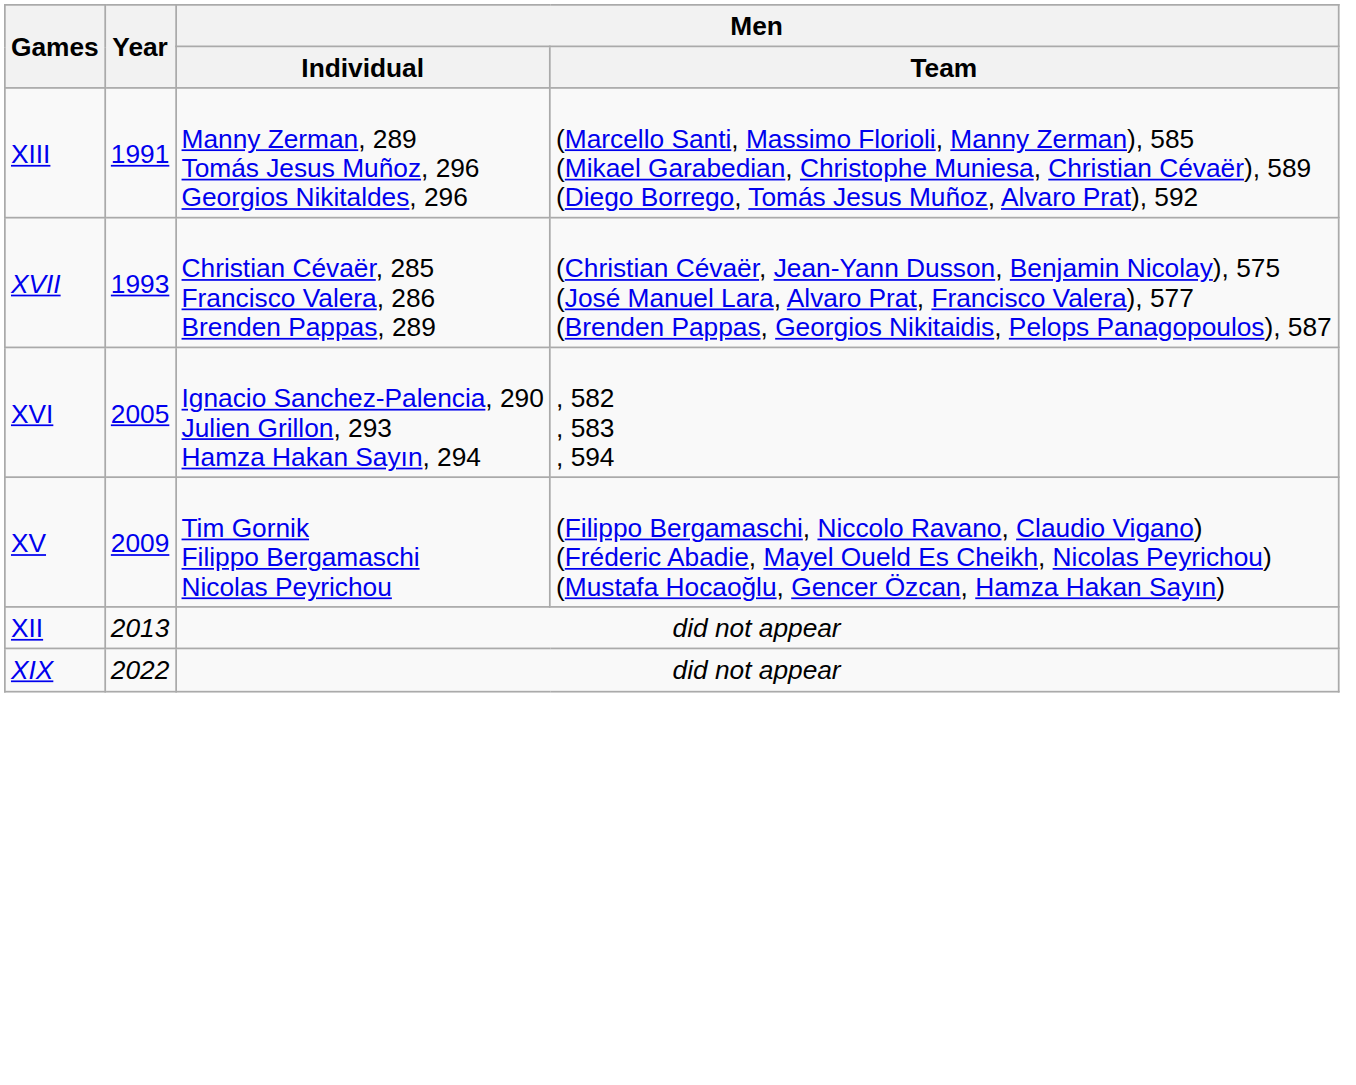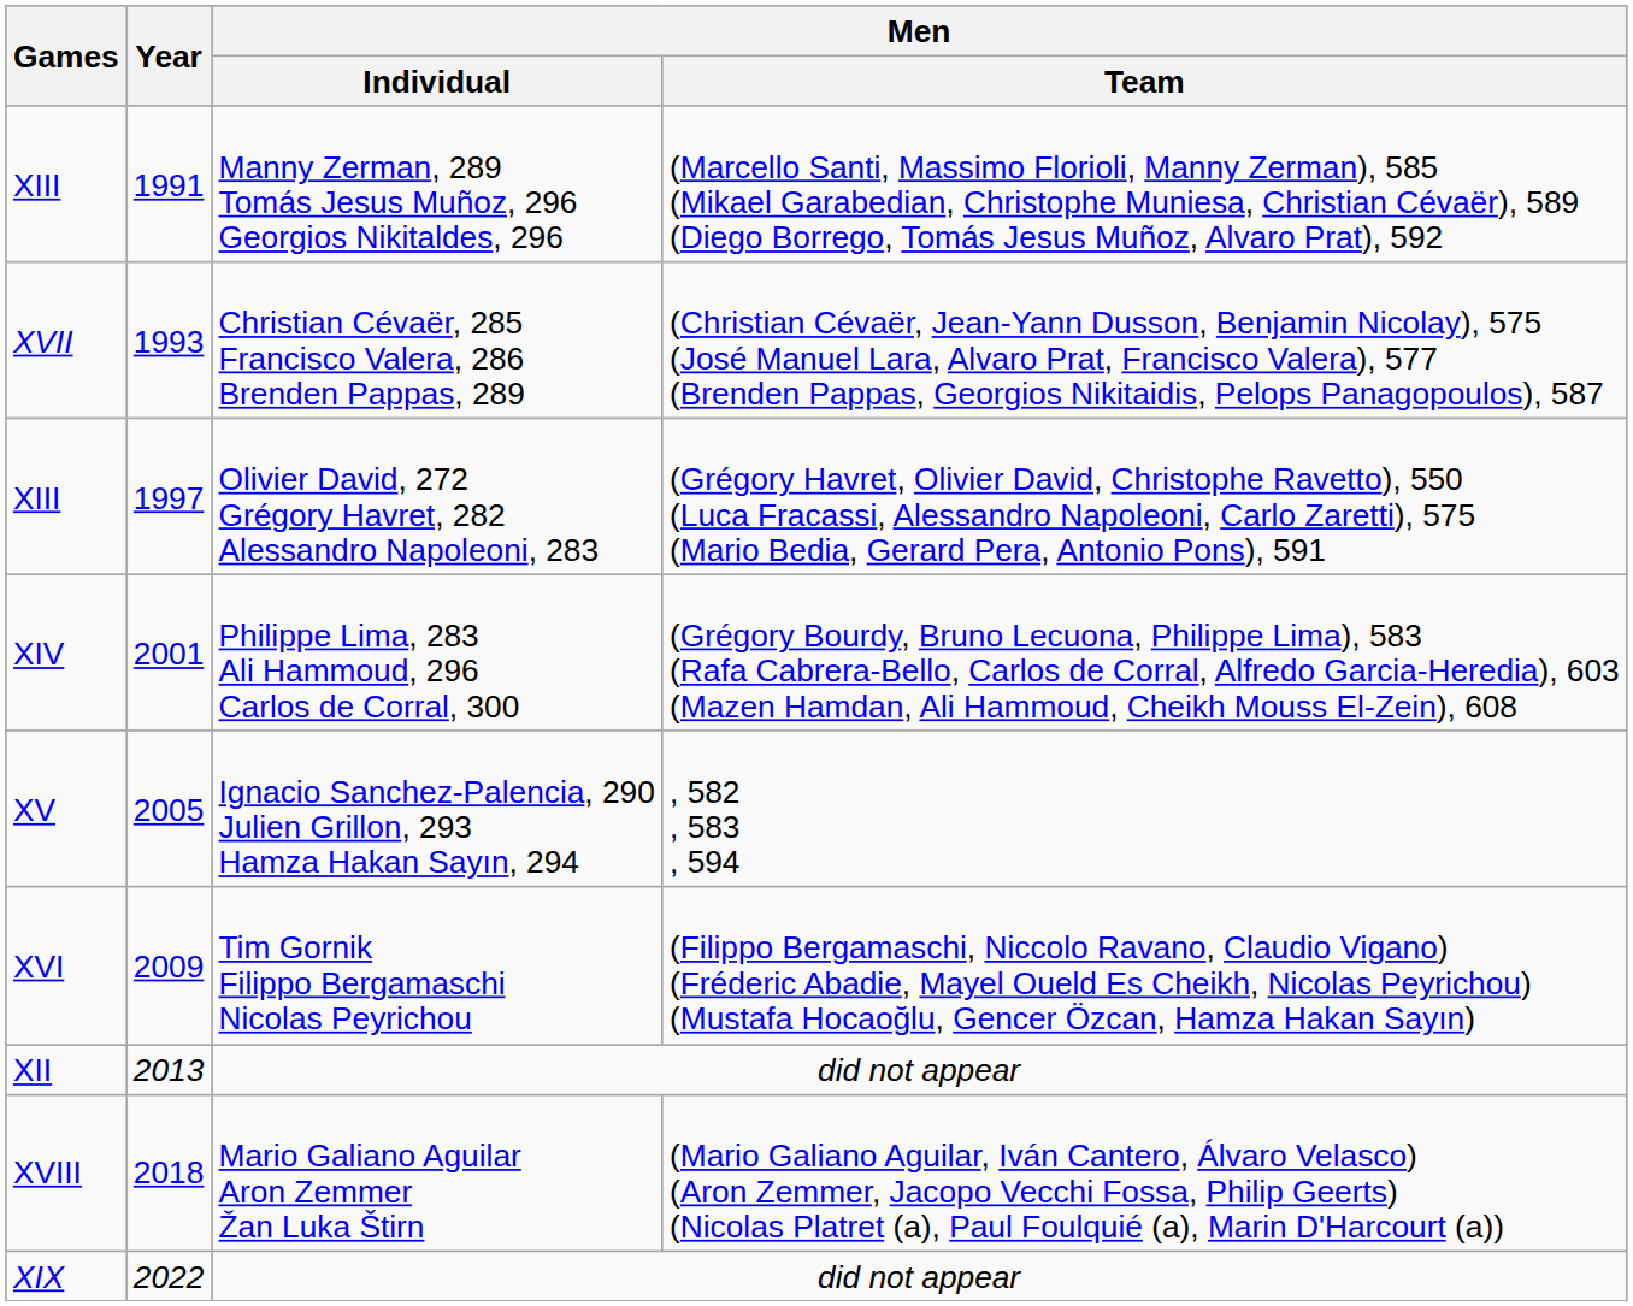 <table class=wikitable style=font-size:95%;>
 <tr>
 <th rowspan=2>Games</th>
 <th rowspan=2>Year</th>
 <th colspan=2>Men</th>
 </tr>
 <tr>
 <th>Individual</th>
 <th>Team</th>
 </tr>
 <tr>
 <td><a href='#'>XIII</a></td>
 <td><a href='#'>1991</a></td>
 <td><br>  <a href='#'>Manny Zerman</a>, 289 <br>   <a href='#'>Tomás Jesus Muñoz</a>, 296 <br>   <a href='#'>Georgios Nikitaldes</a>, 296</td>
 <td><br>  (<a href='#'>Marcello Santi</a>, <a href='#'>Massimo Florioli</a>, <a href='#'>Manny Zerman</a>), 585 <br>   (<a href='#'>Mikael Garabedian</a>, <a href='#'>Christophe Muniesa</a>, <a href='#'>Christian Cévaër</a>), 589 <br>   (<a href='#'>Diego Borrego</a>, <a href='#'>Tomás Jesus Muñoz</a>, <a href='#'>Alvaro Prat</a>), 592</td>
 </tr>
 <tr>
 <td><em><a href='#'>XVII</a></em></td>
 <td><a href='#'>1993</a></td>
 <td><br>  <a href='#'>Christian Cévaër</a>, 285 <br>   <a href='#'>Francisco Valera</a>, 286 <br>   <a href='#'>Brenden Pappas</a>, 289</td>
 <td><br>  (<a href='#'>Christian Cévaër</a>, <a href='#'>Jean-Yann Dusson</a>, <a href='#'>Benjamin Nicolay</a>), 575 <br>   (<a href='#'>José Manuel Lara</a>, <a href='#'>Alvaro Prat</a>, <a href='#'>Francisco Valera</a>), 577 <br>   (<a href='#'>Brenden Pappas</a>, <a href='#'>Georgios Nikitaidis</a>, <a href='#'>Pelops Panagopoulos</a>), 587</td>
 </tr>
 <tr>
-<td><a href='#'>XVI</a></td>
+<td><a href='#'>XIII</a></td>
+<td><a href='#'>1997</a></td>
+<td><br>  <a href='#'>Olivier David</a>, 272 <br>   <a href='#'>Grégory Havret</a>, 282 <br>   <a href='#'>Alessandro Napoleoni</a>, 283</td>
+<td><br>  (<a href='#'>Grégory Havret</a>, <a href='#'>Olivier David</a>, <a href='#'>Christophe Ravetto</a>), 550 <br>   (<a href='#'>Luca Fracassi</a>, <a href='#'>Alessandro Napoleoni</a>, <a href='#'>Carlo Zaretti</a>), 575 <br>   (<a href='#'>Mario Bedia</a>, <a href='#'>Gerard Pera</a>, <a href='#'>Antonio Pons</a>), 591</td>
+</tr>
+<tr>
+<td><a href='#'>XIV</a></td>
+<td><a href='#'>2001</a></td>
+<td><br>  <a href='#'>Philippe Lima</a>, 283 <br>   <a href='#'>Ali Hammoud</a>, 296 <br>   <a href='#'>Carlos de Corral</a>, 300</td>
+<td><br>  (<a href='#'>Grégory Bourdy</a>, <a href='#'>Bruno Lecuona</a>, <a href='#'>Philippe Lima</a>), 583 <br>   (<a href='#'>Rafa Cabrera-Bello</a>, <a href='#'>Carlos de Corral</a>, <a href='#'>Alfredo Garcia-Heredia</a>), 603 <br>   (<a href='#'>Mazen Hamdan</a>, <a href='#'>Ali Hammoud</a>, <a href='#'>Cheikh Mouss El-Zein</a>), 608</td>
+</tr>
+<tr>
+<td><a href='#'>XV</a></td>
 <td><a href='#'>2005</a></td>
 <td><br>  <a href='#'>Ignacio Sanchez-Palencia</a>, 290 <br>   <a href='#'>Julien Grillon</a>, 293 <br>   <a href='#'>Hamza Hakan Sayın</a>, 294</td>
 <td><br> , 582 <br>  , 583 <br>  , 594</td>
 </tr>
 <tr>
-<td><a href='#'>XV</a></td>
+<td><a href='#'>XVI</a></td>
 <td><a href='#'>2009</a></td>
 <td><br>  <a href='#'>Tim Gornik</a><br>   <a href='#'>Filippo Bergamaschi</a> <br>     <a href='#'>Nicolas Peyrichou</a></td>
 <td><br>  (<a href='#'>Filippo Bergamaschi</a>, <a href='#'>Niccolo Ravano</a>, <a href='#'>Claudio Vigano</a>)<br>   (<a href='#'>Fréderic Abadie</a>, <a href='#'>Mayel Oueld Es Cheikh</a>, <a href='#'>Nicolas Peyrichou</a>)<br>   (<a href='#'>Mustafa Hocaoğlu</a>, <a href='#'>Gencer Özcan</a>, <a href='#'>Hamza Hakan Sayın</a>)</td>
 </tr>
 <tr>
 <td><a href='#'>XII</a></td>
 <td><em>2013</em></td>
 <td align=center colspan=2><em>did not appear</em></td>
 </tr>
 <tr>
+<td><a href='#'>XVIII</a></td>
+<td><a href='#'>2018</a></td>
+<td><br>  <a href='#'>Mario Galiano Aguilar</a><br>   <a href='#'>Aron Zemmer</a> <br>   <a href='#'>Žan Luka Štirn</a></td>
+<td><br>  (<a href='#'>Mario Galiano Aguilar</a>, <a href='#'>Iván Cantero</a>, <a href='#'>Álvaro Velasco</a>)<br>   (<a href='#'>Aron Zemmer</a>, <a href='#'>Jacopo Vecchi Fossa</a>, <a href='#'>Philip Geerts</a>)<br>   (<a href='#'>Nicolas Platret</a> (a), <a href='#'>Paul Foulquié</a> (a), <a href='#'>Marin D'Harcourt</a> (a))</td>
+</tr>
+<tr>
 <td><em><a href='#'>XIX</a></em></td>
 <td><em>2022</em></td>
 <td align=center colspan=2><em>did not appear</em></td>
 </tr>
 </table>
